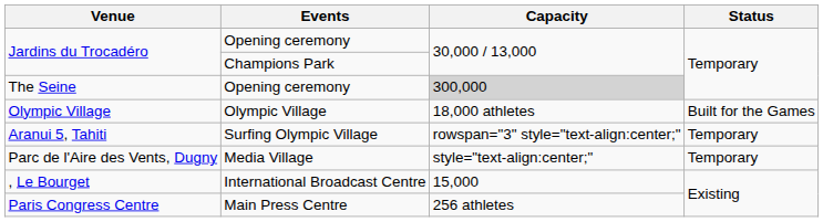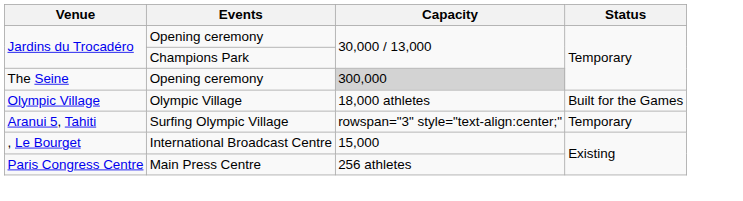 <table class="wikitable sortable">
 <tr>
 <th>Venue</th>
 <th>Events</th>
 <th>Capacity</th>
 <th>Status</th>
 </tr>
 <tr>
 <td rowspan="2"><a href='#'>Jardins du Trocadéro</a></td>
 <td>Opening ceremony</td>
 <td rowspan="2">30,000 / 13,000</td>
 <td rowspan="3">Temporary</td>
 </tr>
 <tr>
 <td>Champions Park</td>
 </tr>
 <tr>
 <td>The <a href='#'>Seine</a></td>
 <td>Opening ceremony</td>
 <td style="background: lightgrey;">300,000</td>
 </tr>
 <tr>
 <td><a href='#'>Olympic Village</a></td>
 <td>Olympic Village</td>
 <td>18,000 athletes</td>
 <td>Built for the Games</td>
 </tr>
 <tr>
 <td><a href='#'>Aranui 5</a>, <a href='#'>Tahiti</a></td>
 <td>Surfing Olympic Village</td>
 <td>rowspan="3" style="text-align:center;" </td>
 <td>Temporary</td>
 </tr>
 <tr>
-<td>Parc de l'Aire des Vents, <a href='#'>Dugny</a></td>
-<td>Media Village</td>
-<td>style="text-align:center;" </td>
-<td>Temporary</td>
-</tr>
-<tr>
 <td>, <a href='#'>Le Bourget</a></td>
 <td>International Broadcast Centre</td>
 <td>15,000</td>
 <td rowspan="3">Existing</td>
 </tr>
 <tr>
 <td><a href='#'>Paris Congress Centre</a></td>
 <td>Main Press Centre</td>
 <td>256 athletes</td>
 </tr>
 </table>
